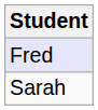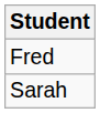 <table class="wikitable">
 <tr>
 <th>Student</th>
 </tr>
 <tr>
-<td style="background: lavender;">Fred</td>
+<td>Fred</td>
 </tr>
 <tr>
 <td>Sarah</td>
 </tr>
 </table>
